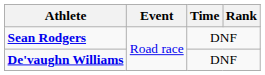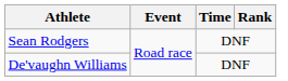 <table class=wikitable style="font-size:90%;">
 <tr>
 <th>Athlete</th>
 <th>Event</th>
 <th>Time</th>
 <th>Rank</th>
 </tr>
 <tr align=center>
-<td align=left><strong><a href='#'>Sean Rodgers</a></strong></td>
+<td align=left><a href='#'>Sean Rodgers</a></td>
 <td align=left rowspan=2><a href='#'>Road race</a></td>
 <td colspan=2>DNF</td>
 </tr>
 <tr align=center>
-<td align=left><strong><a href='#'>De'vaughn Williams</a></strong></td>
+<td align=left><a href='#'>De'vaughn Williams</a></td>
 <td colspan=2>DNF</td>
 </tr>
 </table>
